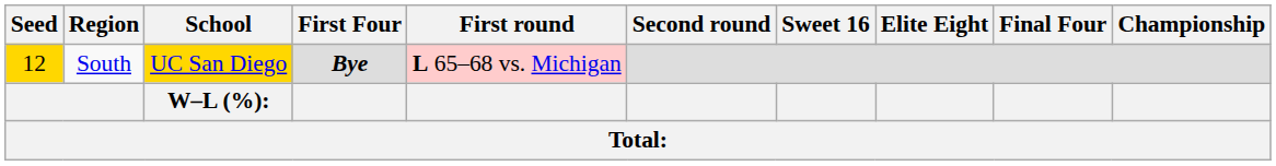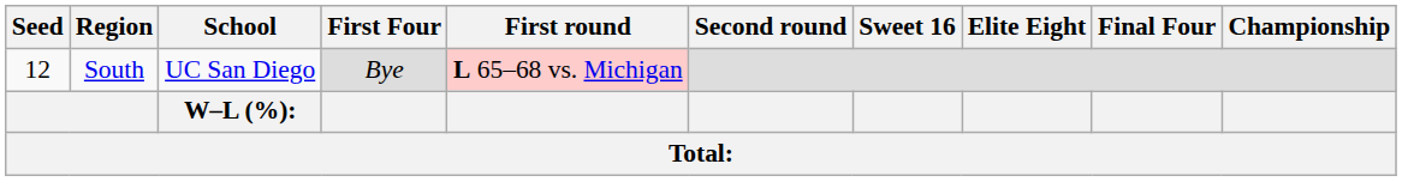 <table class="sortable wikitable" style="white-space:nowrap; text-align:center; font-size:90%;">
 <tr>
 <th>Seed</th>
 <th>Region</th>
 <th>School</th>
 <th>First Four</th>
 <th>First round</th>
 <th>Second round</th>
 <th>Sweet 16</th>
 <th>Elite Eight</th>
 <th>Final Four</th>
 <th>Championship</th>
 </tr>
 <tr>
-<td style="background: gold;">12</td>
+<td>12</td>
 <td><a href='#'>South</a></td>
-<td style="background: gold;"><a href='#'>UC San Diego</a></td>
-<td style="background:#ddd;"><strong><em>Bye</em></strong></td>
+<td><a href='#'>UC San Diego</a></td>
+<td style="background:#ddd;"><em>Bye</em></td>
 <td style="background:#fcc;"><strong>L</strong> 65–68 vs.  <a href='#'>Michigan</a> </td>
 <td style="background:#ddd;" colspan=5></td>
 </tr>
 <tr>
 <th colspan=2></th>
 <th>W–L (%):</th>
 <th></th>
 <th></th>
 <th></th>
 <th></th>
 <th></th>
 <th></th>
 <th></th>
 </tr>
 <tr>
 <th colspan=10>Total: </th>
 </tr>
 </table>
